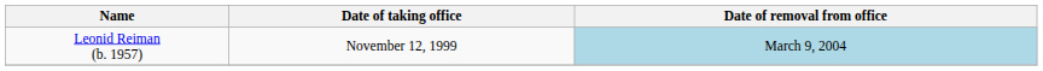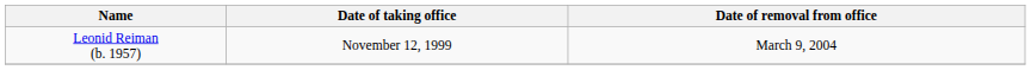 <table class="wikitable" style="text-align:center" width=75%>
 <tr>
 <th width=250px>Name</th>
 <th>Date of taking office</th>
 <th>Date of removal from office</th>
 </tr>
 <tr>
 <td><a href='#'>Leonid Reiman</a><br>(b. 1957)<br></td>
 <td>November 12, 1999</td>
-<td style="background: lightblue;">March 9, 2004</td>
+<td>March 9, 2004</td>
 </tr>
 <tr>
 </tr>
 </table>
